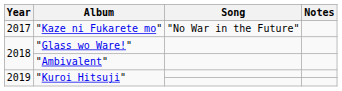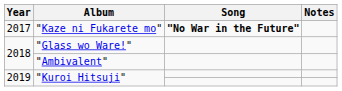 <table class="wikitable">
 <tr>
 <th>Year</th>
 <th>Album</th>
 <th>Song</th>
 <th>Notes</th>
 </tr>
 <tr>
 <td rowspan="1">2017</td>
 <td rowspan="1">"<a href='#'>Kaze ni Fukarete mo</a>"</td>
-<td>"No War in the Future"</td>
+<td><strong>"No War in the Future"</strong></td>
 <td></td>
 </tr>
 <tr>
 <td rowspan="2">2018</td>
 <td rowspan="1">"<a href='#'>Glass wo Ware!</a>"</td>
 <td></td>
 <td></td>
 </tr>
 <tr>
 <td rowspan="1">"<a href='#'>Ambivalent</a>"</td>
 <td></td>
 <td></td>
 </tr>
 <tr>
 <td rowspan="2">2019</td>
 <td rowspan="2">"<a href='#'>Kuroi Hitsuji</a>"</td>
 <td></td>
 <td></td>
 </tr>
 <tr>
 <td></td>
 <td></td>
 </tr>
 </table>
